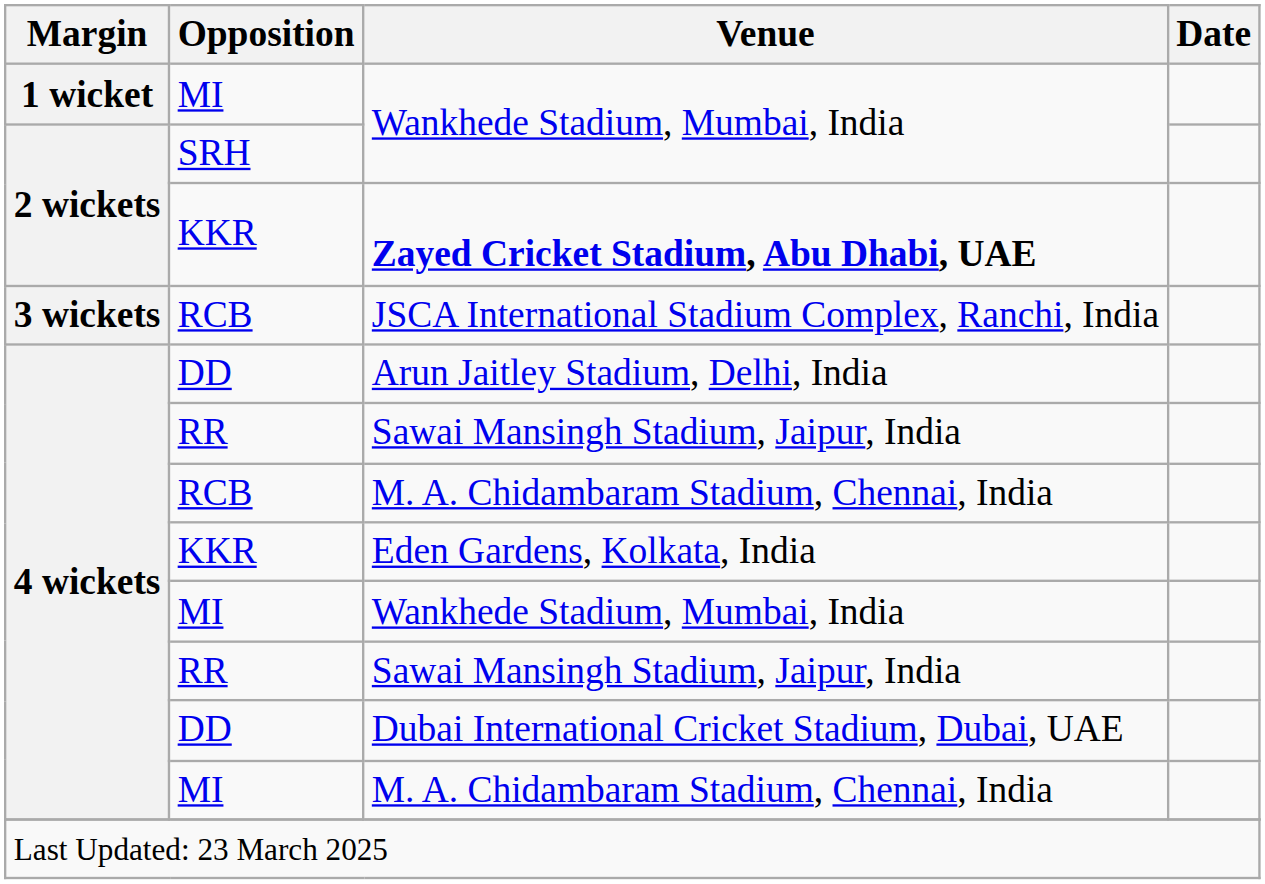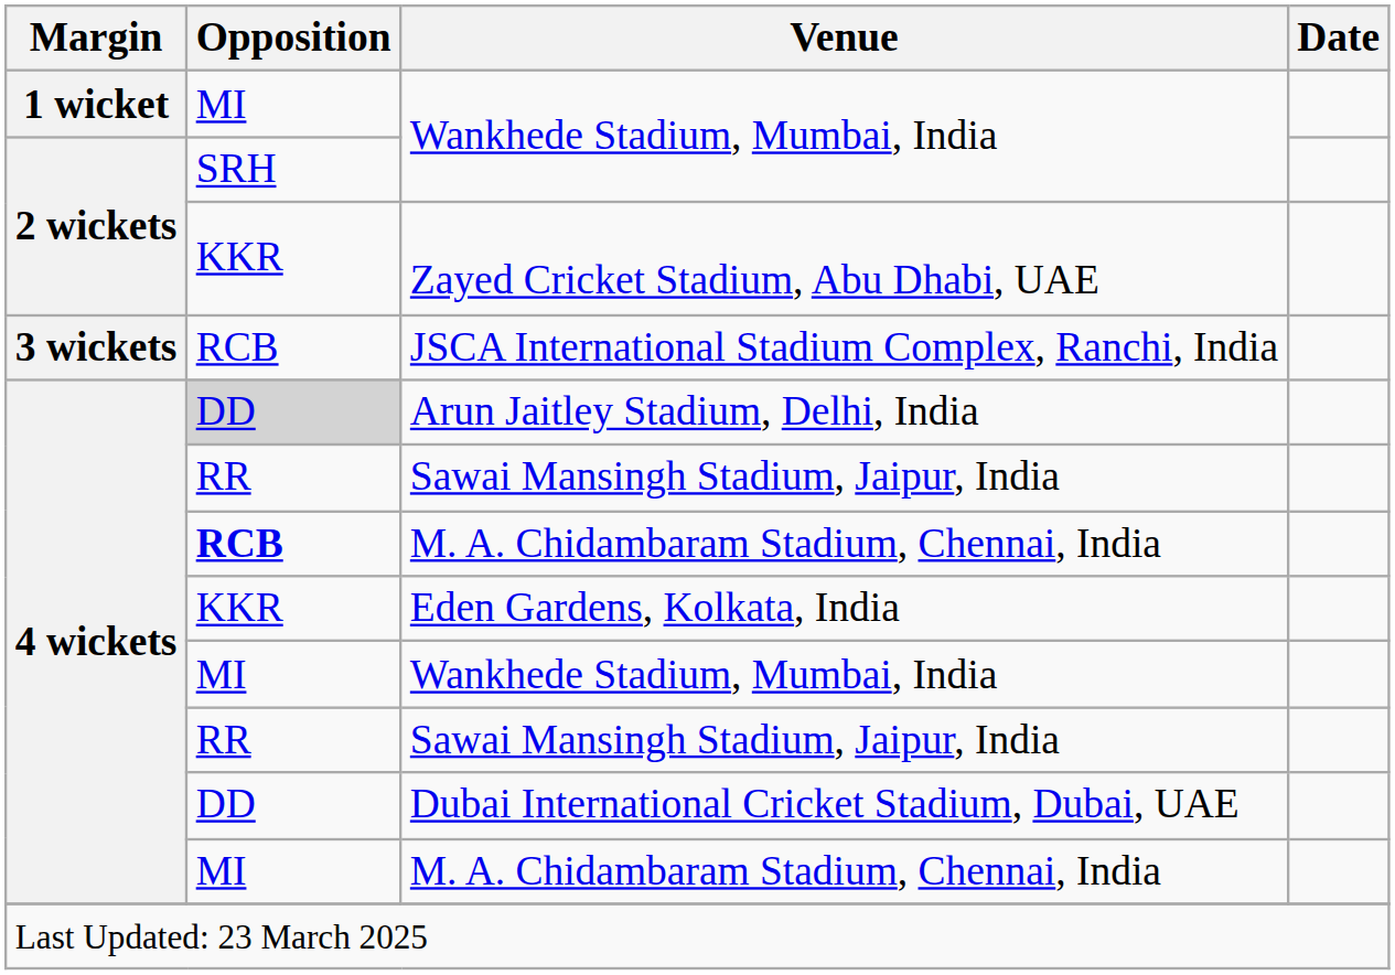 <table class="wikitable">
 <tr>
 <th>Margin</th>
 <th>Opposition</th>
 <th>Venue</th>
 <th>Date</th>
 </tr>
 <tr>
 <th>1 wicket</th>
 <td><a href='#'>MI</a></td>
 <td rowspan=2><a href='#'>Wankhede Stadium</a>, <a href='#'>Mumbai</a>, India</td>
 <td></td>
 </tr>
 <tr>
 <th rowspan=2>2 wickets</th>
 <td><a href='#'>SRH</a></td>
 <td></td>
 </tr>
 <tr>
 <td><a href='#'>KKR</a></td>
-<td><strong><br><a href='#'>Zayed Cricket Stadium</a>, <a href='#'>Abu Dhabi</a>, UAE</strong></td>
+<td><br><a href='#'>Zayed Cricket Stadium</a>, <a href='#'>Abu Dhabi</a>, UAE</td>
 <td></td>
 </tr>
 <tr>
 <th>3 wickets</th>
 <td><a href='#'>RCB</a></td>
 <td><a href='#'>JSCA International Stadium Complex</a>, <a href='#'>Ranchi</a>, India</td>
 <td></td>
 </tr>
 <tr>
 <th rowspan=8>4 wickets</th>
-<td><a href='#'>DD</a></td>
+<td style="background: lightgrey;"><a href='#'>DD</a></td>
 <td><a href='#'>Arun Jaitley Stadium</a>, <a href='#'>Delhi</a>, India</td>
 <td></td>
 </tr>
 <tr>
 <td><a href='#'>RR</a></td>
 <td><a href='#'>Sawai Mansingh Stadium</a>, <a href='#'>Jaipur</a>, India</td>
 <td></td>
 </tr>
 <tr>
-<td><a href='#'>RCB</a></td>
+<td><strong><a href='#'>RCB</a></strong></td>
 <td><a href='#'>M. A. Chidambaram Stadium</a>, <a href='#'>Chennai</a>, India</td>
 <td></td>
 </tr>
 <tr>
 <td><a href='#'>KKR</a></td>
 <td><a href='#'>Eden Gardens</a>, <a href='#'>Kolkata</a>, India</td>
 <td></td>
 </tr>
 <tr>
 <td><a href='#'>MI</a></td>
 <td><a href='#'>Wankhede Stadium</a>, <a href='#'>Mumbai</a>, India</td>
 <td></td>
 </tr>
 <tr>
 <td><a href='#'>RR</a></td>
 <td><a href='#'>Sawai Mansingh Stadium</a>, <a href='#'>Jaipur</a>, India</td>
 <td></td>
 </tr>
 <tr>
 <td><a href='#'>DD</a></td>
 <td><a href='#'>Dubai International Cricket Stadium</a>, <a href='#'>Dubai</a>, UAE</td>
 <td></td>
 </tr>
 <tr>
 <td><a href='#'>MI</a></td>
 <td><a href='#'>M. A. Chidambaram Stadium</a>, <a href='#'>Chennai</a>, India</td>
 <td></td>
 </tr>
 <tr>
 </tr>
 <tr class=sortbottom>
 <td colspan=5><small>Last Updated: 23 March 2025</small></td>
 </tr>
 </table>
